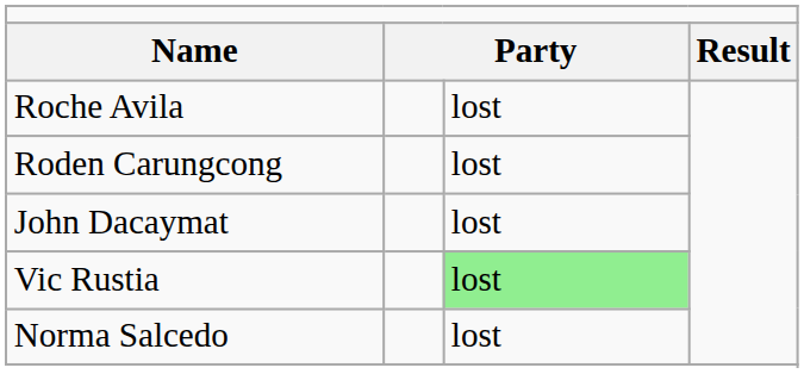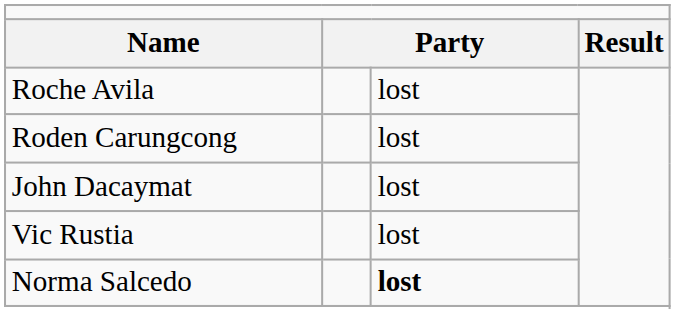 <table class=wikitable style="font-size:90%">
 <tr>
 <td colspan=4 bgcolor=></td>
 </tr>
 <tr>
 <th width=150px>Name</th>
 <th colspan=2 width=120px>Party</th>
 <th>Result</th>
 </tr>
 <tr>
 <td>Roche Avila</td>
 <td></td>
 <td>lost</td>
 </tr>
 <tr>
 <td>Roden Carungcong</td>
 <td></td>
 <td>lost</td>
 </tr>
 <tr>
 <td>John Dacaymat</td>
 <td></td>
 <td>lost</td>
 </tr>
 <tr>
 <td>Vic Rustia</td>
 <td></td>
-<td style="background: lightgreen;">lost</td>
+<td>lost</td>
 </tr>
 <tr>
 <td>Norma Salcedo</td>
 <td></td>
-<td>lost</td>
+<td><strong>lost</strong></td>
 </tr>
 <tr>
 </tr>
 </table>
